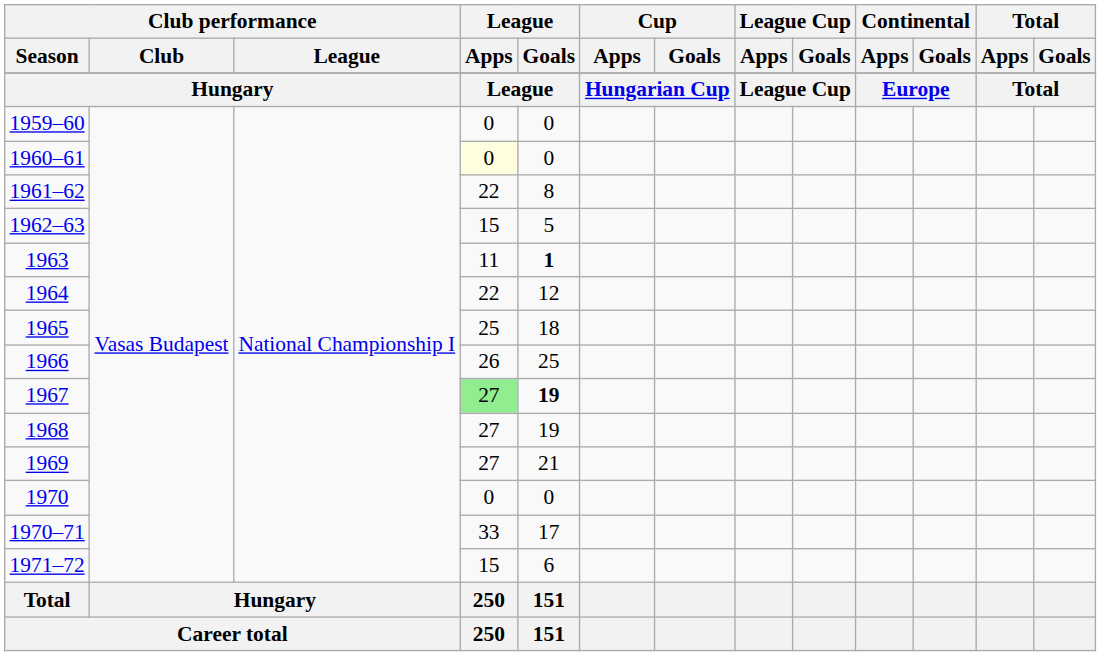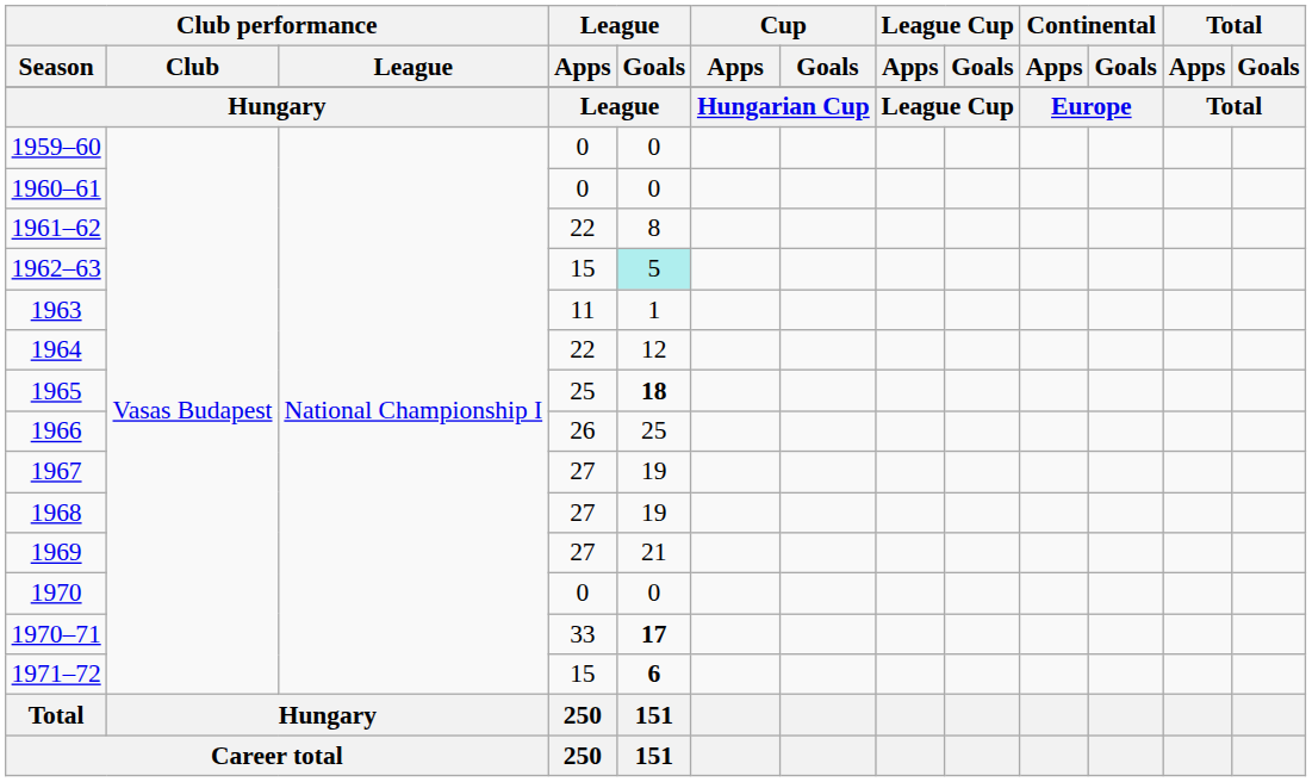 <table class="wikitable" style="text-align:center">
 <tr>
 <th colspan=3>Club performance</th>
 <th colspan=2>League</th>
 <th colspan=2>Cup</th>
 <th colspan=2>League Cup</th>
 <th colspan=2>Continental</th>
 <th colspan=2>Total</th>
 </tr>
 <tr>
 <th>Season</th>
 <th>Club</th>
 <th>League</th>
 <th>Apps</th>
 <th>Goals</th>
 <th>Apps</th>
 <th>Goals</th>
 <th>Apps</th>
 <th>Goals</th>
 <th>Apps</th>
 <th>Goals</th>
 <th>Apps</th>
 <th>Goals</th>
 </tr>
 <tr>
 </tr>
 <tr>
 <th colspan=3>Hungary</th>
 <th colspan=2>League</th>
 <th colspan=2><a href='#'>Hungarian Cup</a></th>
 <th colspan=2>League Cup</th>
 <th colspan=2><a href='#'>Europe</a></th>
 <th colspan=2>Total</th>
 </tr>
 <tr>
 <td><a href='#'>1959–60</a></td>
 <td rowspan="14"><a href='#'>Vasas Budapest</a></td>
 <td rowspan="14"><a href='#'>National Championship I</a></td>
 <td>0</td>
 <td>0</td>
 <td></td>
 <td></td>
 <td></td>
 <td></td>
 <td></td>
 <td></td>
 <td></td>
 <td></td>
 </tr>
 <tr>
 <td><a href='#'>1960–61</a></td>
-<td style="background: lightyellow;">0</td>
+<td>0</td>
 <td>0</td>
 <td></td>
 <td></td>
 <td></td>
 <td></td>
 <td></td>
 <td></td>
 <td></td>
 <td></td>
 </tr>
 <tr>
 <td><a href='#'>1961–62</a></td>
 <td>22</td>
 <td>8</td>
 <td></td>
 <td></td>
 <td></td>
 <td></td>
 <td></td>
 <td></td>
 <td></td>
 <td></td>
 </tr>
 <tr>
 <td><a href='#'>1962–63</a></td>
 <td>15</td>
-<td>5</td>
+<td style="background: paleturquoise;">5</td>
 <td></td>
 <td></td>
 <td></td>
 <td></td>
 <td></td>
 <td></td>
 <td></td>
 <td></td>
 </tr>
 <tr>
 <td><a href='#'>1963</a></td>
 <td>11</td>
-<td><strong>1</strong></td>
+<td>1</td>
 <td></td>
 <td></td>
 <td></td>
 <td></td>
 <td></td>
 <td></td>
 <td></td>
 <td></td>
 </tr>
 <tr>
 <td><a href='#'>1964</a></td>
 <td>22</td>
 <td>12</td>
 <td></td>
 <td></td>
 <td></td>
 <td></td>
 <td></td>
 <td></td>
 <td></td>
 <td></td>
 </tr>
 <tr>
 <td><a href='#'>1965</a></td>
 <td>25</td>
-<td>18</td>
+<td><strong>18</strong></td>
 <td></td>
 <td></td>
 <td></td>
 <td></td>
 <td></td>
 <td></td>
 <td></td>
 <td></td>
 </tr>
 <tr>
 <td><a href='#'>1966</a></td>
 <td>26</td>
 <td>25</td>
 <td></td>
 <td></td>
 <td></td>
 <td></td>
 <td></td>
 <td></td>
 <td></td>
 <td></td>
 </tr>
 <tr>
 <td><a href='#'>1967</a></td>
-<td style="background: lightgreen;">27</td>
-<td><strong>19</strong></td>
+<td>27</td>
+<td>19</td>
 <td></td>
 <td></td>
 <td></td>
 <td></td>
 <td></td>
 <td></td>
 <td></td>
 <td></td>
 </tr>
 <tr>
 <td><a href='#'>1968</a></td>
 <td>27</td>
 <td>19</td>
 <td></td>
 <td></td>
 <td></td>
 <td></td>
 <td></td>
 <td></td>
 <td></td>
 <td></td>
 </tr>
 <tr>
 <td><a href='#'>1969</a></td>
 <td>27</td>
 <td>21</td>
 <td></td>
 <td></td>
 <td></td>
 <td></td>
 <td></td>
 <td></td>
 <td></td>
 <td></td>
 </tr>
 <tr>
 <td><a href='#'>1970</a></td>
 <td>0</td>
 <td>0</td>
 <td></td>
 <td></td>
 <td></td>
 <td></td>
 <td></td>
 <td></td>
 <td></td>
 <td></td>
 </tr>
 <tr>
 <td><a href='#'>1970–71</a></td>
 <td>33</td>
-<td>17</td>
+<td><strong>17</strong></td>
 <td></td>
 <td></td>
 <td></td>
 <td></td>
 <td></td>
 <td></td>
 <td></td>
 <td></td>
 </tr>
 <tr>
 <td><a href='#'>1971–72</a></td>
 <td>15</td>
-<td>6</td>
+<td><strong>6</strong></td>
 <td></td>
 <td></td>
 <td></td>
 <td></td>
 <td></td>
 <td></td>
 <td></td>
 <td></td>
 </tr>
 <tr>
 <th rowspan=1>Total</th>
 <th colspan=2>Hungary</th>
 <th>250</th>
 <th>151</th>
 <th></th>
 <th></th>
 <th></th>
 <th></th>
 <th></th>
 <th></th>
 <th></th>
 <th></th>
 </tr>
 <tr>
 <th colspan=3>Career total</th>
 <th>250</th>
 <th>151</th>
 <th></th>
 <th></th>
 <th></th>
 <th></th>
 <th></th>
 <th></th>
 <th></th>
 <th></th>
 </tr>
 </table>
